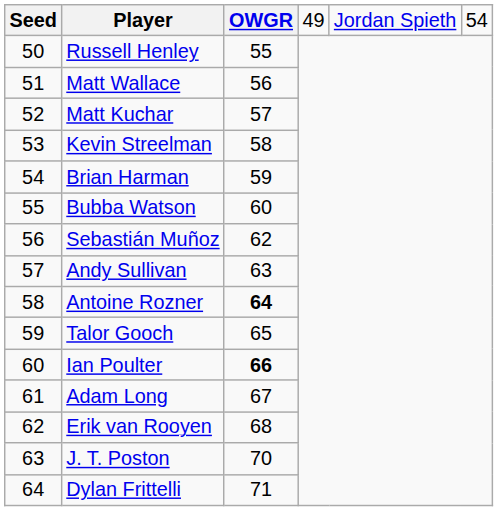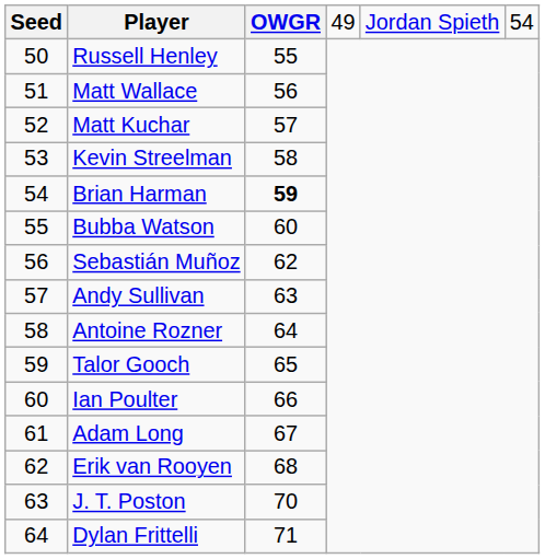 <table class=wikitable style=font-size:85%;text-align:center>
 <tr>
 <th>Seed</th>
 <th>Player</th>
 <th><a href='#'>OWGR</a></th>
 <td>49</td>
 <td style="text-align:left;"> <a href='#'>Jordan Spieth</a></td>
 <td>54</td>
 </tr>
 <tr>
 <td>50</td>
 <td style="text-align:left;"> <a href='#'>Russell Henley</a></td>
 <td>55</td>
 </tr>
 <tr>
 <td>51</td>
 <td style="text-align:left;"> <a href='#'>Matt Wallace</a></td>
 <td>56</td>
 </tr>
 <tr>
 <td>52</td>
 <td style="text-align:left;"> <a href='#'>Matt Kuchar</a></td>
 <td>57</td>
 </tr>
 <tr>
 <td>53</td>
 <td style="text-align:left;"> <a href='#'>Kevin Streelman</a></td>
 <td>58</td>
 </tr>
 <tr>
 <td>54</td>
 <td style="text-align:left;"> <a href='#'>Brian Harman</a></td>
-<td>59</td>
+<td><strong>59</strong></td>
 </tr>
 <tr>
 <td>55</td>
 <td style="text-align:left;"> <a href='#'>Bubba Watson</a></td>
 <td>60</td>
 </tr>
 <tr>
 <td>56</td>
 <td style="text-align:left;"> <a href='#'>Sebastián Muñoz</a></td>
 <td>62</td>
 </tr>
 <tr>
 <td>57</td>
 <td style="text-align:left;"> <a href='#'>Andy Sullivan</a></td>
 <td>63</td>
 </tr>
 <tr>
 <td>58</td>
 <td style="text-align:left;"> <a href='#'>Antoine Rozner</a></td>
-<td><strong>64</strong></td>
+<td>64</td>
 </tr>
 <tr>
 <td>59</td>
 <td style="text-align:left;"> <a href='#'>Talor Gooch</a></td>
 <td>65</td>
 </tr>
 <tr>
 <td>60</td>
 <td style="text-align:left;"> <a href='#'>Ian Poulter</a></td>
-<td><strong>66</strong></td>
+<td>66</td>
 </tr>
 <tr>
 <td>61</td>
 <td style="text-align:left;"> <a href='#'>Adam Long</a></td>
 <td>67</td>
 </tr>
 <tr>
 <td>62</td>
 <td style="text-align:left;"> <a href='#'>Erik van Rooyen</a></td>
 <td>68</td>
 </tr>
 <tr>
 <td>63</td>
 <td style="text-align:left;"> <a href='#'>J. T. Poston</a></td>
 <td>70</td>
 </tr>
 <tr>
 <td>64</td>
 <td style="text-align:left;"> <a href='#'>Dylan Frittelli</a></td>
 <td>71</td>
 </tr>
 </table>
